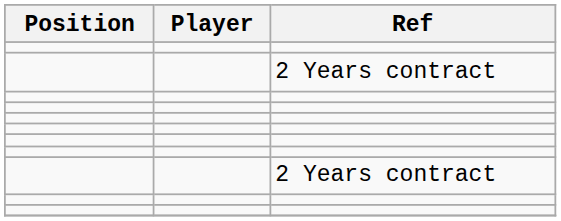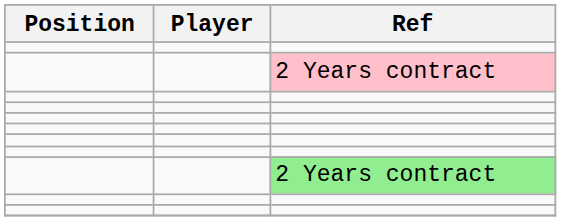 <table class="wikitable sortable" style="width:50%; text-align:center; font-size:100%; text-align:left;">
 <tr>
 <th><strong>Position</strong></th>
 <th><strong>Player</strong></th>
 <th><strong>Ref</strong></th>
 </tr>
 <tr>
 <td></td>
 <td></td>
 <td></td>
 </tr>
 <tr>
 <td></td>
 <td></td>
-<td>2 Years contract </td>
+<td style="background: pink;">2 Years contract </td>
 </tr>
 <tr>
 <td></td>
 <td></td>
 <td></td>
 </tr>
 <tr>
 <td></td>
 <td></td>
 <td></td>
 </tr>
 <tr>
 <td></td>
 <td></td>
 <td></td>
 </tr>
 <tr>
 <td></td>
 <td></td>
 <td></td>
 </tr>
 <tr>
 <td></td>
 <td></td>
 <td></td>
 </tr>
 <tr>
 <td></td>
 <td></td>
 <td></td>
 </tr>
 <tr>
 <td></td>
 <td></td>
-<td>2 Years contract </td>
+<td style="background: lightgreen;">2 Years contract </td>
 </tr>
 <tr>
 <td></td>
 <td></td>
 <td></td>
 </tr>
 <tr>
 <td></td>
 <td></td>
 <td></td>
 </tr>
 <tr>
 </tr>
 </table>
